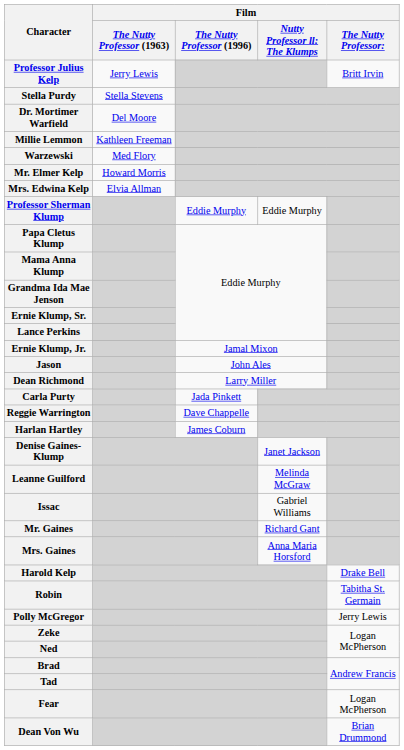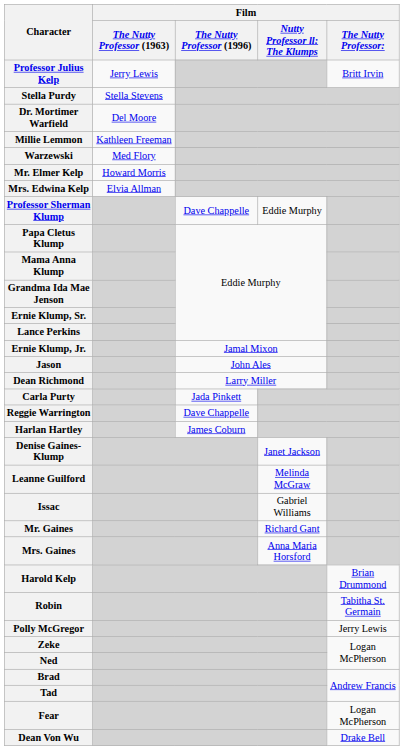 <table class="wikitable" style="text-align:center; width:99%;">
 <tr>
 <th rowspan="2">Character</th>
 <th colspan="4" style="text-align:center;">Film</th>
 </tr>
 <tr>
 <th style="text-align:center;"><em><a href='#'>The Nutty Professor</a></em> (1963)</th>
 <th style="text-align:center;"><em><a href='#'>The Nutty Professor</a></em> (1996)</th>
 <th style="text-align:center;"><em><a href='#'>Nutty Professor ll: <br>The Klumps</a></em></th>
 <th style="text-align:center;"><em><a href='#'>The Nutty Professor: <br></a></em></th>
 </tr>
 <tr>
 <th scope="row"><a href='#'>Professor Julius Kelp<br></a></th>
 <td><a href='#'>Jerry Lewis</a></td>
 <td colspan="2" style="background:lightgrey;"></td>
 <td><a href='#'>Britt Irvin</a></td>
 </tr>
 <tr>
 <th scope="row">Stella Purdy</th>
 <td><a href='#'>Stella Stevens</a></td>
 <td colspan="3" style="background:lightgrey;"></td>
 </tr>
 <tr>
 <th scope="row">Dr. Mortimer Warfield</th>
 <td><a href='#'>Del Moore</a></td>
 <td colspan="3" style="background:lightgrey;"></td>
 </tr>
 <tr>
 <th scope="row">Millie Lemmon</th>
 <td><a href='#'>Kathleen Freeman</a></td>
 <td colspan="3" style="background:lightgrey"></td>
 </tr>
 <tr>
 <th scope="row">Warzewski</th>
 <td><a href='#'>Med Flory</a></td>
 <td colspan="3" style="background:lightgrey;"></td>
 </tr>
 <tr>
 <th scope="row">Mr. Elmer Kelp</th>
 <td><a href='#'>Howard Morris</a></td>
 <td colspan="3" style="background:lightgrey;"></td>
 </tr>
 <tr>
 <th scope="row">Mrs. Edwina Kelp</th>
 <td><a href='#'>Elvia Allman</a></td>
 <td colspan="3" style="background:lightgrey;"></td>
 </tr>
 <tr>
 <th scope="row"><a href='#'>Professor Sherman Klump<br></a></th>
 <td style="background:lightgrey;"></td>
-<td><a href='#'>Eddie Murphy</a></td>
+<td><a href='#'>Dave Chappelle</a></td>
 <td>Eddie Murphy</td>
 <td style="background:lightgrey;"></td>
 </tr>
 <tr>
 <th scope="row">Papa Cletus Klump</th>
 <td style="background:lightgrey;"></td>
 <td colspan="2" rowspan="5">Eddie Murphy</td>
 <td style="background:lightgrey;"></td>
 </tr>
 <tr>
 <th scope="row">Mama Anna Klump</th>
 <td style="background:lightgrey;"></td>
 <td style="background:lightgrey;"></td>
 </tr>
 <tr>
 <th scope="row">Grandma Ida Mae Jenson</th>
 <td style="background:lightgrey;"></td>
 <td style="background:lightgrey;"></td>
 </tr>
 <tr>
 <th scope="row">Ernie Klump, Sr.</th>
 <td style="background:lightgrey;"></td>
 <td style="background:lightgrey;"></td>
 </tr>
 <tr>
 <th scope="row">Lance Perkins</th>
 <td style="background:lightgrey;"></td>
 <td style="background:lightgrey;"></td>
 </tr>
 <tr>
 <th scope="row">Ernie Klump, Jr.</th>
 <td style="background:lightgrey;"></td>
 <td colspan="2"><a href='#'>Jamal Mixon</a></td>
 <td style="background:lightgrey;"></td>
 </tr>
 <tr>
 <th scope="row">Jason</th>
 <td style="background:lightgrey;"></td>
 <td colspan="2"><a href='#'>John Ales</a></td>
 <td colspan="2" style="background:lightgrey;"></td>
 </tr>
 <tr>
 <th scope="row">Dean Richmond</th>
 <td style="background:lightgrey;"></td>
 <td colspan="2"><a href='#'>Larry Miller</a></td>
 <td colspan="2" style="background:lightgrey;"></td>
 </tr>
 <tr>
 <th scope="row">Carla Purty</th>
 <td style="background:lightgrey;"></td>
 <td><a href='#'>Jada Pinkett</a></td>
 <td colspan="2" style="background:lightgrey;"></td>
 </tr>
 <tr>
 <th scope="row">Reggie Warrington</th>
 <td style="background:lightgrey;"></td>
 <td><a href='#'>Dave Chappelle</a></td>
 <td colspan="2" style="background:lightgrey;"></td>
 </tr>
 <tr>
 <th scope="row">Harlan Hartley</th>
 <td style="background:lightgrey;"></td>
 <td><a href='#'>James Coburn</a></td>
 <td colspan="2" style="background:lightgrey;"></td>
 </tr>
 <tr>
 <th scope="row">Denise Gaines-Klump</th>
 <td colspan="2" style="background:lightgrey;"></td>
 <td><a href='#'>Janet Jackson</a></td>
 <td style="background:lightgrey;"></td>
 </tr>
 <tr>
 <th scope="row">Leanne Guilford</th>
 <td colspan="2" style="background:lightgrey;"></td>
 <td><a href='#'>Melinda McGraw</a></td>
 <td style="background:lightgrey;"></td>
 </tr>
 <tr>
 <th scope="row">Issac</th>
 <td colspan="2" style="background:lightgrey;"></td>
 <td>Gabriel Williams</td>
 <td style="background:lightgrey;"></td>
 </tr>
 <tr>
 <th scope="row">Mr. Gaines</th>
 <td colspan="2" style="background:lightgrey;"></td>
 <td><a href='#'>Richard Gant</a></td>
 <td style="background:lightgrey;"></td>
 </tr>
 <tr>
 <th scope="row">Mrs. Gaines</th>
 <td colspan="2" style="background:lightgrey;"></td>
 <td><a href='#'>Anna Maria Horsford</a></td>
 <td style="background:lightgrey;"></td>
 </tr>
 <tr>
 <th scope="row">Harold Kelp<br></th>
 <td colspan="3" style="background:lightgrey;"></td>
-<td><a href='#'>Drake Bell</a></td>
+<td><a href='#'>Brian Drummond</a></td>
 </tr>
 <tr>
 <th scope="row">Robin</th>
 <td colspan="3" style="background:lightgrey;"></td>
 <td><a href='#'>Tabitha St. Germain</a></td>
 </tr>
 <tr>
 <th scope="row">Polly McGregor</th>
 <td colspan="3" style="background:lightgrey;"></td>
 <td>Jerry Lewis</td>
 </tr>
 <tr>
 <th scope="row">Zeke</th>
 <td colspan="3" style="background:lightgrey;"></td>
 <td rowspan="2">Logan McPherson</td>
 </tr>
 <tr>
 <th scope="row">Ned</th>
 <td colspan="3" style="background:lightgrey;"></td>
 </tr>
 <tr>
 <th scope="row">Brad</th>
 <td colspan="3" style="background:lightgrey;"></td>
 <td rowspan="2"><a href='#'>Andrew Francis</a></td>
 </tr>
 <tr>
 <th scope="row">Tad</th>
 <td colspan="3" style="background:lightgrey;"></td>
 </tr>
 <tr>
 <th scope="row">Fear</th>
 <td colspan="3" style="background:lightgrey;"></td>
 <td>Logan McPherson</td>
 </tr>
 <tr>
 <th scope="row">Dean Von Wu</th>
 <td colspan="3" style="background:lightgrey;"></td>
-<td><a href='#'>Brian Drummond</a></td>
+<td><a href='#'>Drake Bell</a></td>
 </tr>
 </table>
